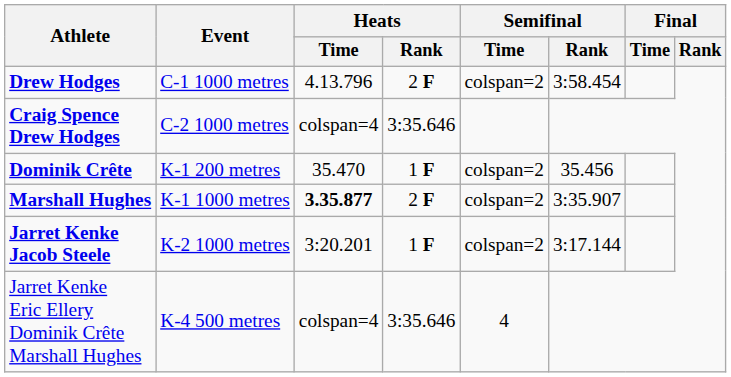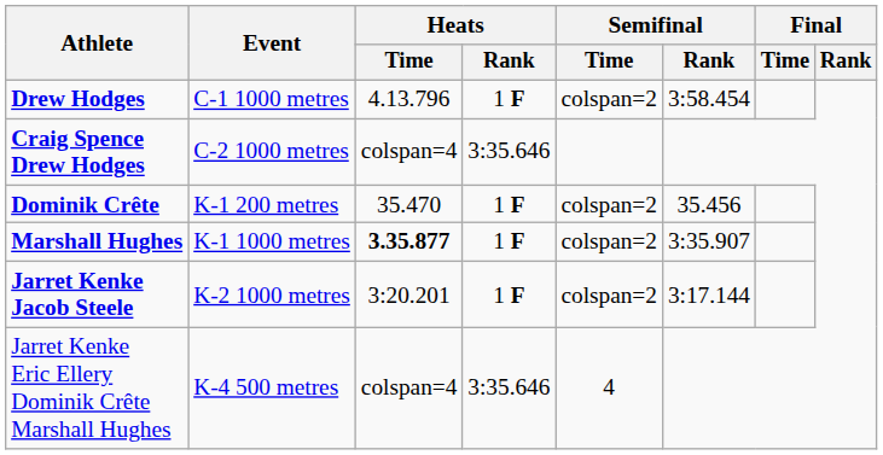 <table class="wikitable" style="font-size:90%">
 <tr>
 <th rowspan=2>Athlete</th>
 <th rowspan=2>Event</th>
 <th colspan="2">Heats</th>
 <th colspan="2">Semifinal</th>
 <th colspan="2">Final</th>
 </tr>
 <tr style="font-size:95%">
 <th>Time</th>
 <th>Rank</th>
 <th>Time</th>
 <th>Rank</th>
 <th>Time</th>
 <th>Rank</th>
 </tr>
 <tr align=center>
 <td align=left><strong><a href='#'>Drew Hodges</a></strong></td>
 <td align=left><a href='#'>C-1 1000 metres</a></td>
 <td>4.13.796</td>
-<td>2 <strong>F</strong></td>
+<td>1 <strong>F</strong></td>
 <td>colspan=2 </td>
 <td>3:58.454</td>
 <td></td>
 </tr>
 <tr align=center>
 <td align=left><strong><a href='#'>Craig Spence</a><br><a href='#'>Drew Hodges</a></strong></td>
 <td align=left><a href='#'>C-2 1000 metres</a></td>
 <td>colspan=4 </td>
 <td>3:35.646</td>
 <td></td>
 </tr>
 <tr align=center>
 <td align=left><strong><a href='#'>Dominik Crête</a></strong></td>
 <td align=left><a href='#'>K-1 200 metres</a></td>
 <td>35.470</td>
 <td>1 <strong>F</strong></td>
 <td>colspan=2 </td>
 <td>35.456</td>
 <td></td>
 </tr>
 <tr align=center>
 <td align=left><strong><a href='#'>Marshall Hughes</a></strong></td>
 <td align=left><a href='#'>K-1 1000 metres</a></td>
 <td><strong>3.35.877</strong></td>
-<td>2 <strong>F</strong></td>
+<td>1 <strong>F</strong></td>
 <td>colspan=2 </td>
 <td>3:35.907</td>
 <td></td>
 </tr>
 <tr align=center>
 <td align=left><strong><a href='#'>Jarret Kenke</a><br><a href='#'>Jacob Steele</a></strong></td>
 <td align=left><a href='#'>K-2 1000 metres</a></td>
 <td>3:20.201</td>
 <td>1 <strong>F</strong></td>
 <td>colspan=2 </td>
 <td>3:17.144</td>
 <td></td>
 </tr>
 <tr align=center>
 <td align=left><a href='#'>Jarret Kenke</a><br><a href='#'>Eric Ellery</a><br><a href='#'>Dominik Crête</a><br><a href='#'>Marshall Hughes</a></td>
 <td align=left><a href='#'>K-4 500 metres</a></td>
 <td>colspan=4 </td>
 <td>3:35.646</td>
 <td>4</td>
 </tr>
 </table>
